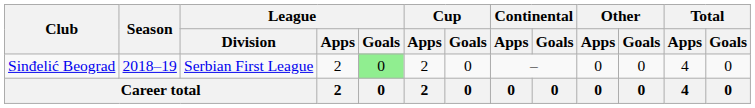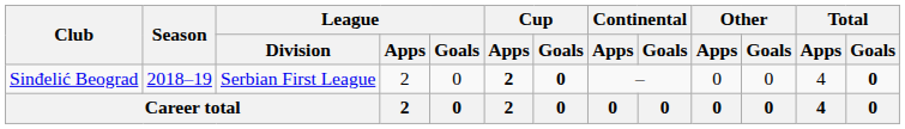 <table class="wikitable" style="text-align: center">
 <tr>
 <th rowspan="2">Club</th>
 <th rowspan="2">Season</th>
 <th colspan="3">League</th>
 <th colspan="2">Cup</th>
 <th colspan="2">Continental</th>
 <th colspan="2">Other</th>
 <th colspan="2">Total</th>
 </tr>
 <tr>
 <th>Division</th>
 <th>Apps</th>
 <th>Goals</th>
 <th>Apps</th>
 <th>Goals</th>
 <th>Apps</th>
 <th>Goals</th>
 <th>Apps</th>
 <th>Goals</th>
 <th>Apps</th>
 <th>Goals</th>
 </tr>
 <tr>
 <td><a href='#'>Sinđelić Beograd</a></td>
 <td><a href='#'>2018–19</a></td>
 <td><a href='#'>Serbian First League</a></td>
 <td>2</td>
-<td style="background: lightgreen;">0</td>
-<td>2</td>
 <td>0</td>
+<td><strong>2</strong></td>
+<td><strong>0</strong></td>
 <td colspan="2">–</td>
 <td>0</td>
 <td>0</td>
 <td>4</td>
-<td>0</td>
+<td><strong>0</strong></td>
 </tr>
 <tr>
 <th colspan=3>Career total</th>
 <th>2</th>
 <th>0</th>
 <th>2</th>
 <th>0</th>
 <th>0</th>
 <th>0</th>
 <th>0</th>
 <th>0</th>
 <th>4</th>
 <th>0</th>
 </tr>
 </table>
